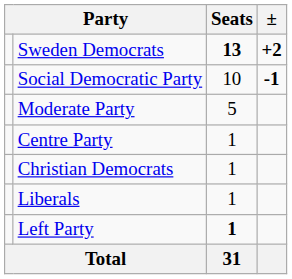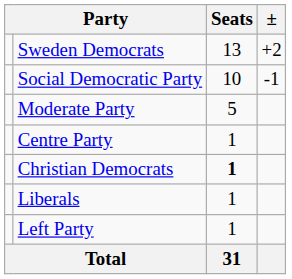 <table class=wikitable style=text-align:center>
 <tr>
 <th colspan=2>Party</th>
 <th>Seats</th>
 <th>±</th>
 </tr>
 <tr>
 <td></td>
 <td align="left"><a href='#'>Sweden Democrats</a></td>
-<td><strong>13</strong></td>
-<td><strong>+2</strong></td>
+<td>13</td>
+<td>+2</td>
 </tr>
 <tr>
 <td bgcolor=></td>
 <td align=left><a href='#'>Social Democratic Party</a></td>
 <td>10</td>
-<td><strong>-1</strong></td>
+<td>-1</td>
 </tr>
 <tr>
 <td bgcolor=></td>
 <td align=left><a href='#'>Moderate Party</a></td>
 <td>5</td>
 <td></td>
 </tr>
 <tr>
 <td bgcolor=></td>
 <td align=left><a href='#'>Centre Party</a></td>
 <td>1</td>
 <td></td>
 </tr>
 <tr>
 <td bgcolor=></td>
 <td align=left><a href='#'>Christian Democrats</a></td>
-<td>1</td>
+<td><strong>1</strong></td>
 <td></td>
 </tr>
 <tr>
 <td bgcolor=></td>
 <td align=left><a href='#'>Liberals</a></td>
 <td>1</td>
 <td></td>
 </tr>
 <tr>
 <td bgcolor=></td>
 <td align=left><a href='#'>Left Party</a></td>
-<td><strong>1</strong></td>
+<td>1</td>
 <td></td>
 </tr>
 <tr>
 <th colspan=2>Total</th>
 <th>31</th>
 <th></th>
 </tr>
 </table>
